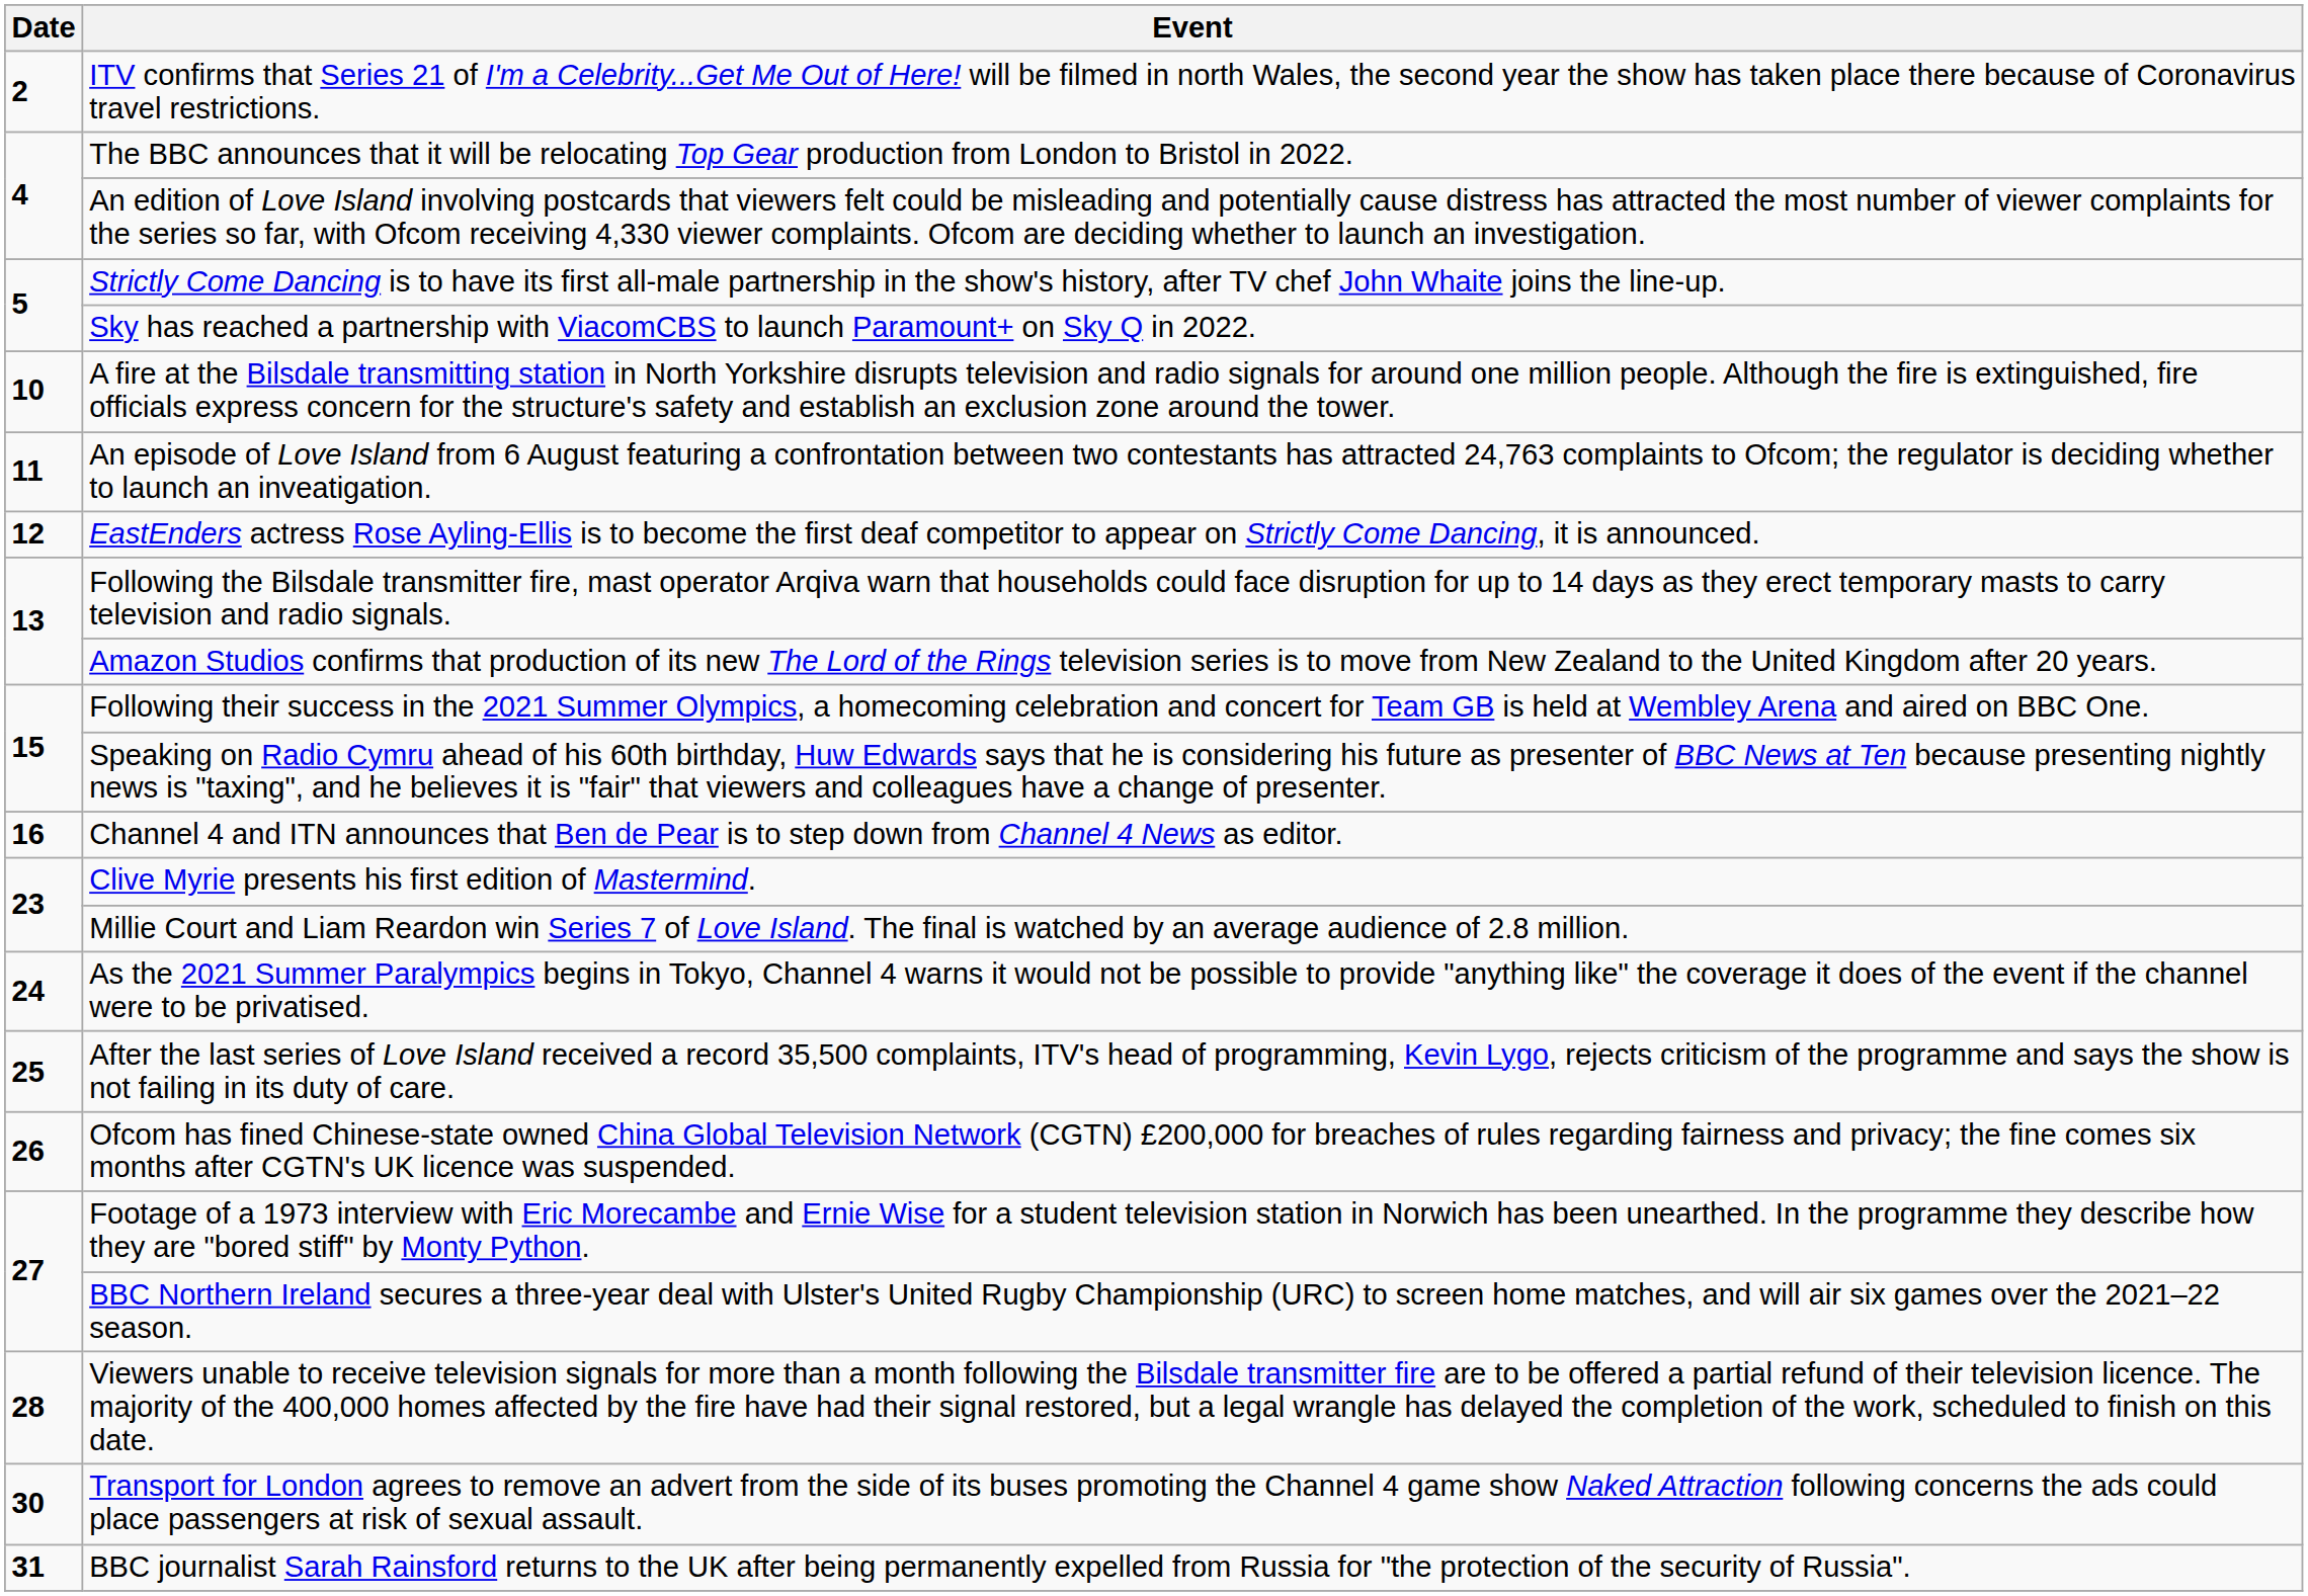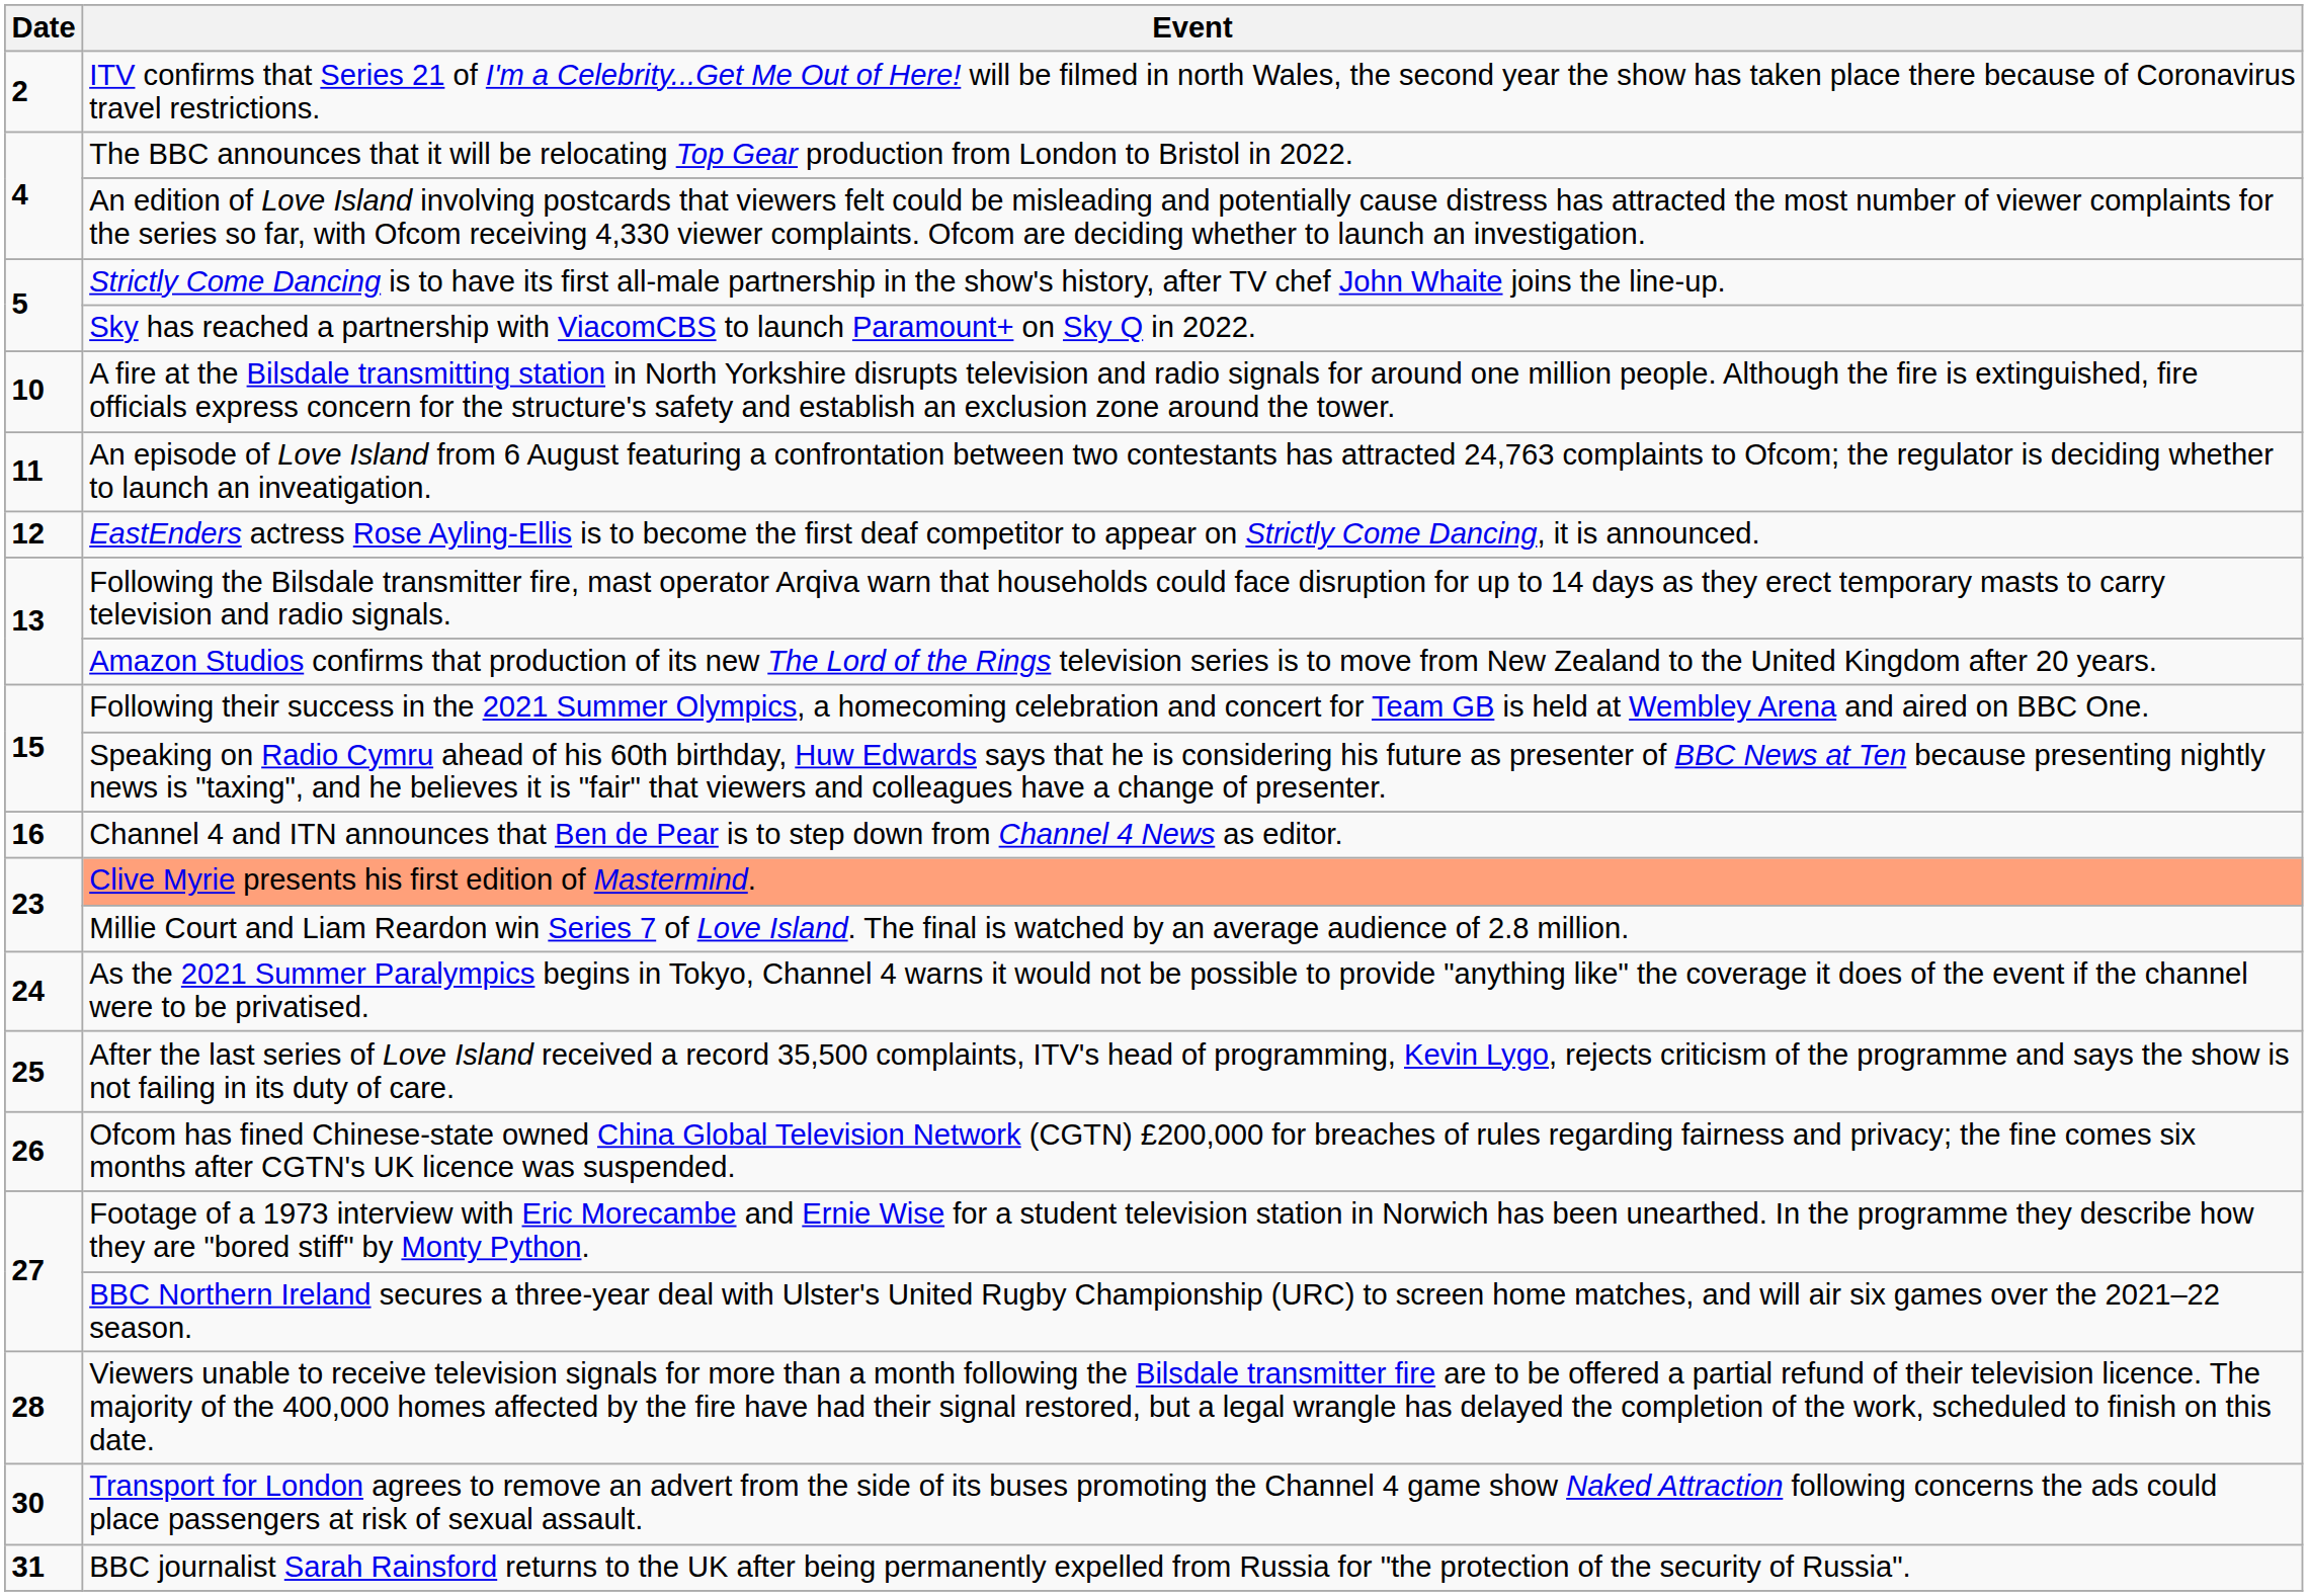 <table class="wikitable">
 <tr>
 <th>Date</th>
 <th>Event</th>
 </tr>
 <tr>
 <td><strong>2</strong></td>
 <td><a href='#'>ITV</a> confirms that <a href='#'>Series 21</a> of <em><a href='#'>I'm a Celebrity...Get Me Out of Here!</a></em> will be filmed in north Wales, the second year the show has taken place there because of Coronavirus travel restrictions.</td>
 </tr>
 <tr>
 <td rowspan=2><strong>4</strong></td>
 <td>The BBC announces that it will be relocating <em><a href='#'>Top Gear</a></em> production from London to Bristol in 2022.</td>
 </tr>
 <tr>
 <td>An edition of <em>Love Island</em> involving postcards that viewers felt could be misleading and potentially cause distress has attracted the most number of viewer complaints for the series so far, with Ofcom receiving 4,330 viewer complaints. Ofcom are deciding whether to launch an investigation.</td>
 </tr>
 <tr>
 <td rowspan=2><strong>5</strong></td>
 <td><em><a href='#'>Strictly Come Dancing</a></em> is to have its first all-male partnership in the show's history, after TV chef <a href='#'>John Whaite</a> joins the line-up.</td>
 </tr>
 <tr>
 <td><a href='#'>Sky</a> has reached a partnership with <a href='#'>ViacomCBS</a> to launch <a href='#'>Paramount+</a> on <a href='#'>Sky Q</a> in 2022.</td>
 </tr>
 <tr>
 <td><strong>10</strong></td>
 <td>A fire at the <a href='#'>Bilsdale transmitting station</a> in North Yorkshire disrupts television and radio signals for around one million people. Although the fire is extinguished, fire officials express concern for the structure's safety and establish an exclusion zone around the tower.</td>
 </tr>
 <tr>
 <td><strong>11</strong></td>
 <td>An episode of <em>Love Island</em> from 6 August featuring a confrontation between two contestants has attracted 24,763 complaints to Ofcom; the regulator is deciding whether to launch an inveatigation.</td>
 </tr>
 <tr>
 <td><strong>12</strong></td>
 <td><em><a href='#'>EastEnders</a></em> actress <a href='#'>Rose Ayling-Ellis</a> is to become the first deaf competitor to appear on <em><a href='#'>Strictly Come Dancing</a></em>, it is announced.</td>
 </tr>
 <tr>
 <td rowspan=2><strong>13</strong></td>
 <td>Following the Bilsdale transmitter fire, mast operator Arqiva warn that households could face disruption for up to 14 days as they erect temporary masts to carry television and radio signals.</td>
 </tr>
 <tr>
 <td><a href='#'>Amazon Studios</a> confirms that production of its new <em><a href='#'>The Lord of the Rings</a></em> television series is to move from New Zealand to the United Kingdom after 20 years.</td>
 </tr>
 <tr>
 <td rowspan=2><strong>15</strong></td>
 <td>Following their success in the <a href='#'>2021 Summer Olympics</a>, a homecoming celebration and concert for <a href='#'>Team GB</a> is held at <a href='#'>Wembley Arena</a> and aired on BBC One.</td>
 </tr>
 <tr>
 <td>Speaking on <a href='#'>Radio Cymru</a> ahead of his 60th birthday, <a href='#'>Huw Edwards</a> says that he is considering his future as presenter of <em><a href='#'>BBC News at Ten</a></em> because presenting nightly news is "taxing", and he believes it is "fair" that viewers and colleagues have a change of presenter.</td>
 </tr>
 <tr>
 <td><strong>16</strong></td>
 <td>Channel 4 and ITN announces that <a href='#'>Ben de Pear</a> is to step down from <em><a href='#'>Channel 4 News</a></em> as editor.</td>
 </tr>
 <tr>
 <td rowspan=2><strong>23</strong></td>
-<td><a href='#'>Clive Myrie</a> presents his first edition of <em><a href='#'>Mastermind</a></em>.</td>
+<td style="background: lightsalmon;"><a href='#'>Clive Myrie</a> presents his first edition of <em><a href='#'>Mastermind</a></em>.</td>
 </tr>
 <tr>
 <td>Millie Court and Liam Reardon win <a href='#'>Series 7</a> of <em><a href='#'>Love Island</a></em>. The final is watched by an average audience of 2.8 million.</td>
 </tr>
 <tr>
 <td><strong>24</strong></td>
 <td>As the <a href='#'>2021 Summer Paralympics</a> begins in Tokyo, Channel 4 warns it would not be possible to provide "anything like" the coverage it does of the event if the channel were to be privatised.</td>
 </tr>
 <tr>
 <td><strong>25</strong></td>
 <td>After the last series of <em>Love Island</em> received a record 35,500 complaints, ITV's head of programming, <a href='#'>Kevin Lygo</a>, rejects criticism of the programme and says the show is not failing in its duty of care.</td>
 </tr>
 <tr>
 <td><strong>26</strong></td>
 <td>Ofcom has fined Chinese-state owned <a href='#'>China Global Television Network</a> (CGTN) £200,000 for breaches of rules regarding fairness and privacy; the fine comes six months after CGTN's UK licence was suspended.</td>
 </tr>
 <tr>
 <td rowspan=2><strong>27</strong></td>
 <td>Footage of a 1973 interview with <a href='#'>Eric Morecambe</a> and <a href='#'>Ernie Wise</a> for a student television station in Norwich has been unearthed. In the programme they describe how they are "bored stiff" by <a href='#'>Monty Python</a>.</td>
 </tr>
 <tr>
 <td><a href='#'>BBC Northern Ireland</a> secures a three-year deal with Ulster's United Rugby Championship (URC) to screen home matches, and will air six games over the 2021–22 season.</td>
 </tr>
 <tr>
 <td><strong>28</strong></td>
 <td>Viewers unable to receive television signals for more than a month following the <a href='#'>Bilsdale transmitter fire</a> are to be offered a partial refund of their television licence. The majority of the 400,000 homes affected by the fire have had their signal restored, but a legal wrangle has delayed the completion of the work, scheduled to finish on this date.</td>
 </tr>
 <tr>
 <td><strong>30</strong></td>
 <td><a href='#'>Transport for London</a> agrees to remove an advert from the side of its buses promoting the Channel 4 game show <em><a href='#'>Naked Attraction</a></em> following concerns the ads could place passengers at risk of sexual assault.</td>
 </tr>
 <tr>
 <td><strong>31</strong></td>
 <td>BBC journalist <a href='#'>Sarah Rainsford</a> returns to the UK after being permanently expelled from Russia for "the protection of the security of Russia".</td>
 </tr>
 </table>
